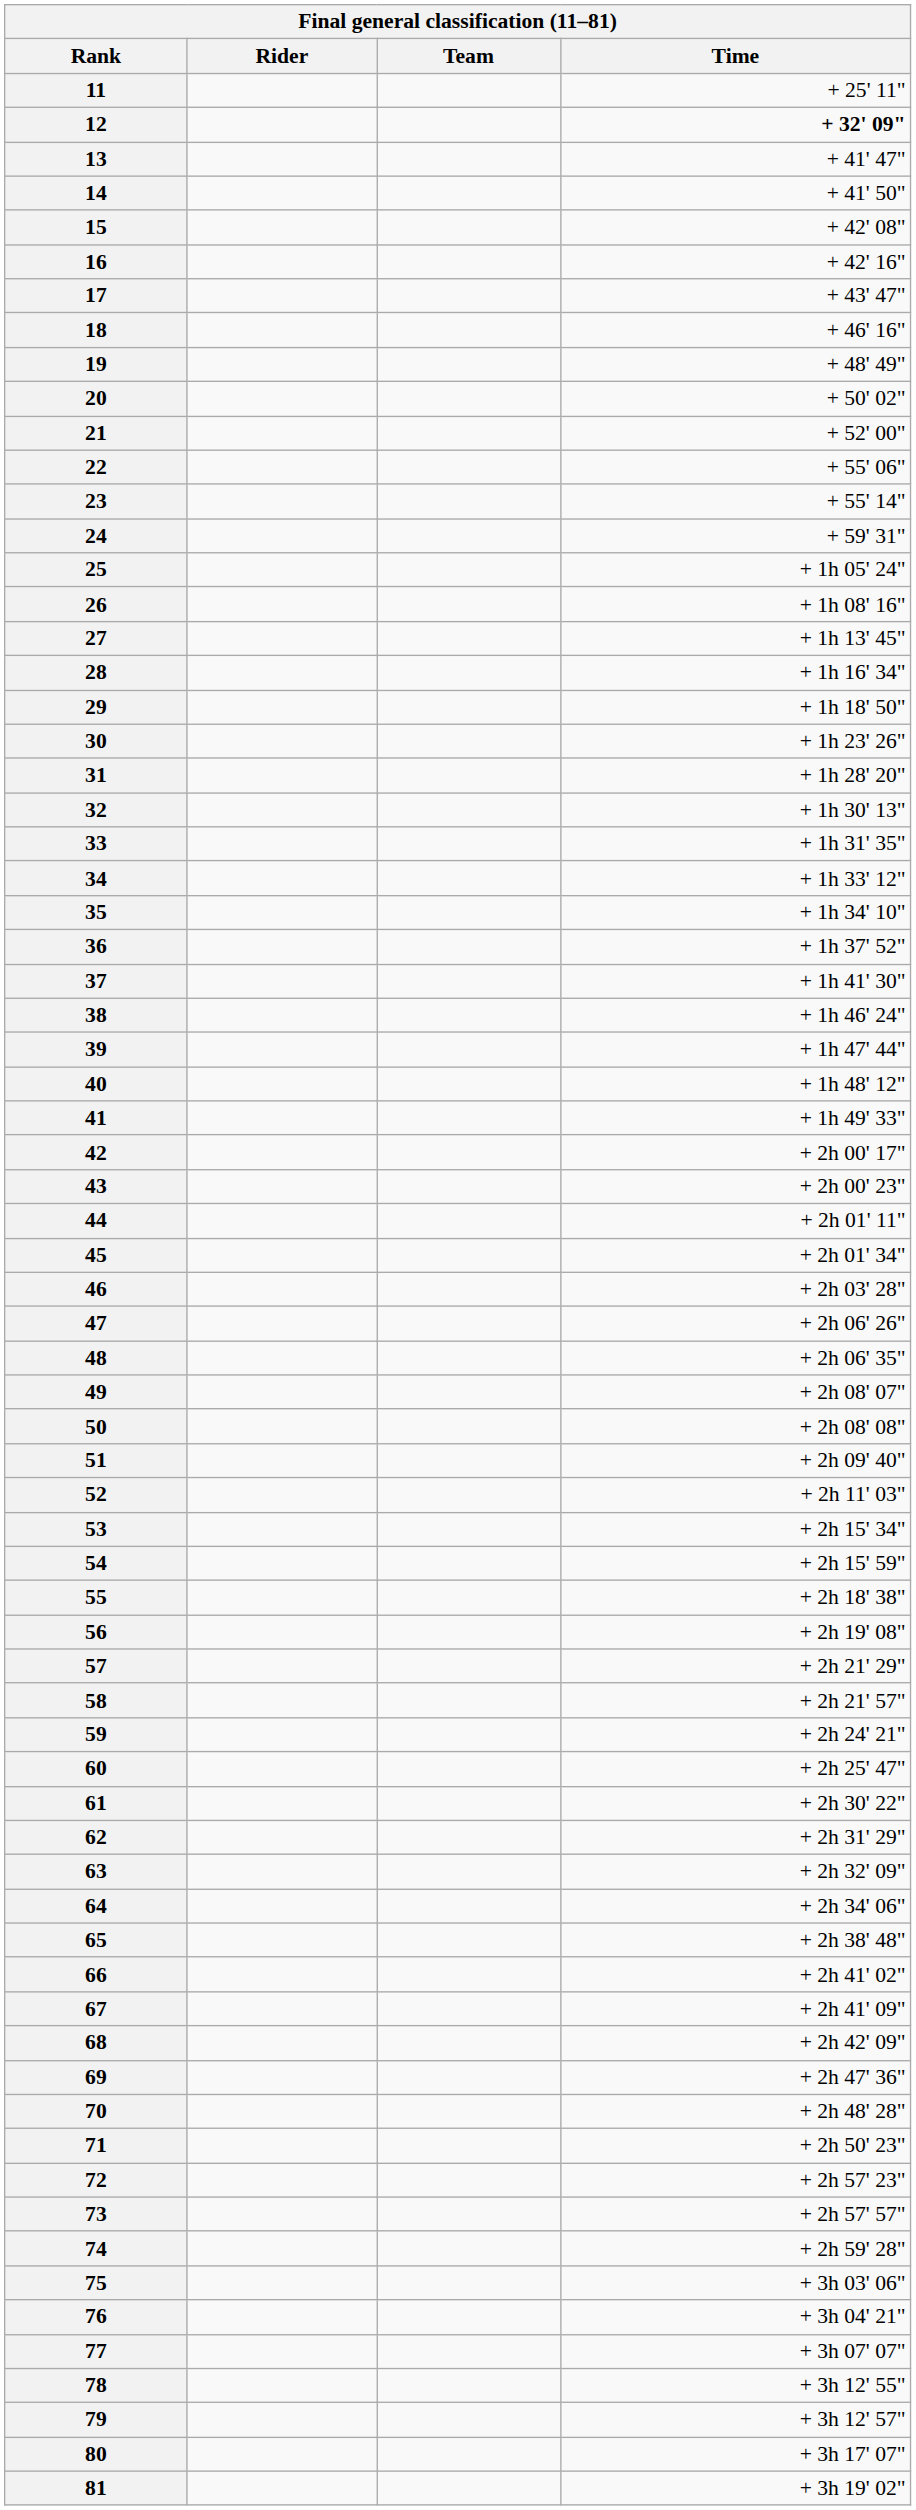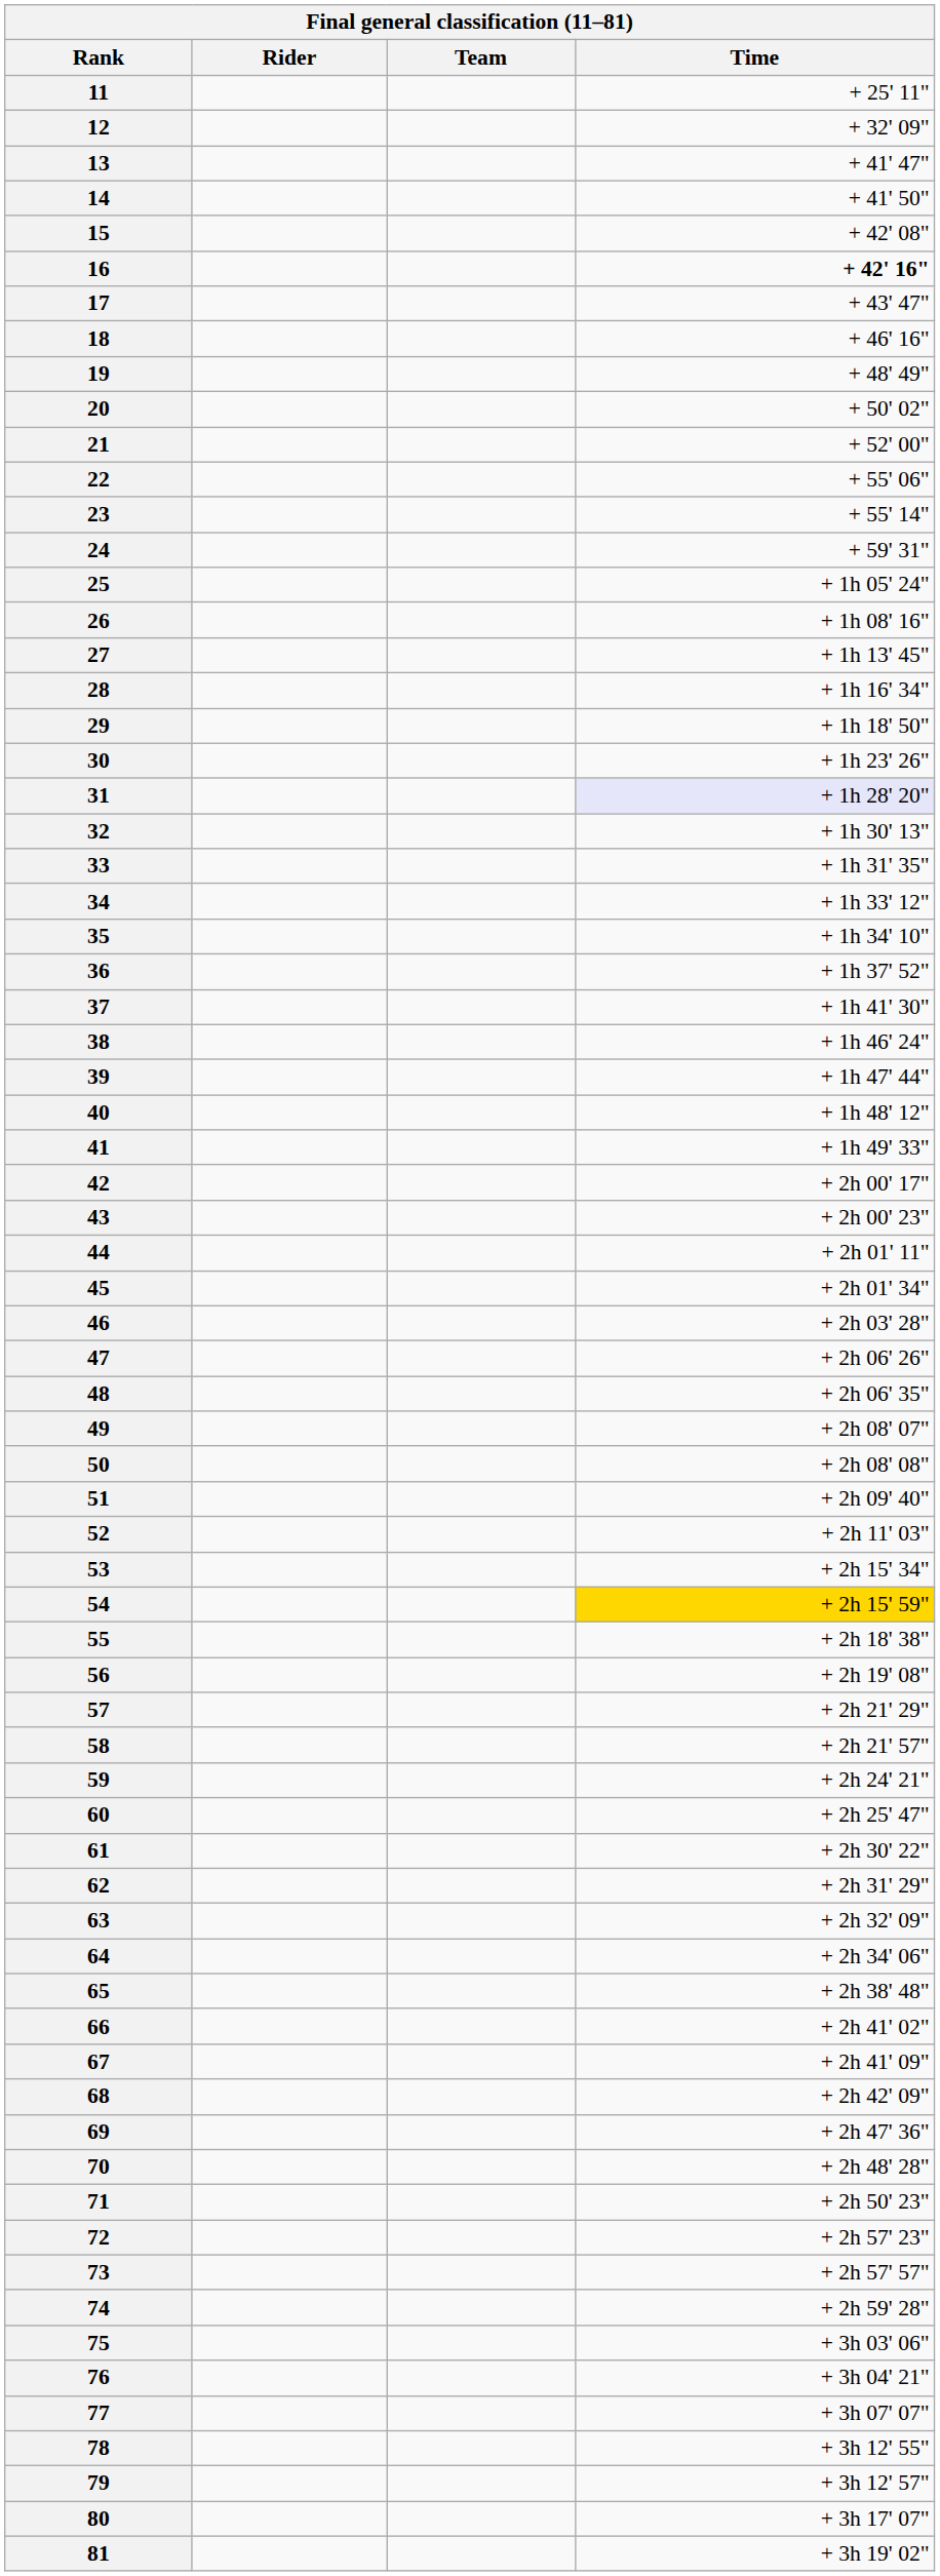 <table class="collapsible collapsed wikitable" style="width:42em;margin-top:-1px;">
 <tr>
 <th scope="col" colspan="4">Final general classification (11–81)</th>
 </tr>
 <tr>
 <th scope="col">Rank</th>
 <th scope="col">Rider</th>
 <th scope="col">Team</th>
 <th scope="col">Time</th>
 </tr>
 <tr>
 <th scope="row">11</th>
 <td></td>
 <td></td>
 <td style="text-align:right;">+ 25' 11"</td>
 </tr>
 <tr>
 <th scope="row">12</th>
 <td></td>
 <td></td>
-<td style="text-align:right;"><strong>+ 32' 09"</strong></td>
+<td style="text-align:right;">+ 32' 09"</td>
 </tr>
 <tr>
 <th scope="row">13</th>
 <td></td>
 <td></td>
 <td style="text-align:right;">+ 41' 47"</td>
 </tr>
 <tr>
 <th scope="row">14</th>
 <td></td>
 <td></td>
 <td style="text-align:right;">+ 41' 50"</td>
 </tr>
 <tr>
 <th scope="row">15</th>
 <td></td>
 <td></td>
 <td style="text-align:right;">+ 42' 08"</td>
 </tr>
 <tr>
 <th scope="row">16</th>
 <td></td>
 <td></td>
-<td style="text-align:right;">+ 42' 16"</td>
+<td style="text-align:right;"><strong>+ 42' 16"</strong></td>
 </tr>
 <tr>
 <th scope="row">17</th>
 <td></td>
 <td></td>
 <td style="text-align:right;">+ 43' 47"</td>
 </tr>
 <tr>
 <th scope="row">18</th>
 <td></td>
 <td></td>
 <td style="text-align:right;">+ 46' 16"</td>
 </tr>
 <tr>
 <th scope="row">19</th>
 <td></td>
 <td></td>
 <td style="text-align:right;">+ 48' 49"</td>
 </tr>
 <tr>
 <th scope="row">20</th>
 <td></td>
 <td></td>
 <td style="text-align:right;">+ 50' 02"</td>
 </tr>
 <tr>
 <th scope="row">21</th>
 <td></td>
 <td></td>
 <td style="text-align:right;">+ 52' 00"</td>
 </tr>
 <tr>
 <th scope="row">22</th>
 <td></td>
 <td></td>
 <td style="text-align:right;">+ 55' 06"</td>
 </tr>
 <tr>
 <th scope="row">23</th>
 <td></td>
 <td></td>
 <td style="text-align:right;">+ 55' 14"</td>
 </tr>
 <tr>
 <th scope="row">24</th>
 <td></td>
 <td></td>
 <td style="text-align:right;">+ 59' 31"</td>
 </tr>
 <tr>
 <th scope="row">25</th>
 <td></td>
 <td></td>
 <td style="text-align:right;">+ 1h 05' 24"</td>
 </tr>
 <tr>
 <th scope="row">26</th>
 <td></td>
 <td></td>
 <td style="text-align:right;">+ 1h 08' 16"</td>
 </tr>
 <tr>
 <th scope="row">27</th>
 <td></td>
 <td></td>
 <td style="text-align:right;">+ 1h 13' 45"</td>
 </tr>
 <tr>
 <th scope="row">28</th>
 <td></td>
 <td></td>
 <td style="text-align:right;">+ 1h 16' 34"</td>
 </tr>
 <tr>
 <th scope="row">29</th>
 <td></td>
 <td></td>
 <td style="text-align:right;">+ 1h 18' 50"</td>
 </tr>
 <tr>
 <th scope="row">30</th>
 <td></td>
 <td></td>
 <td style="text-align:right;">+ 1h 23' 26"</td>
 </tr>
 <tr>
 <th scope="row">31</th>
 <td></td>
 <td></td>
-<td style="text-align:right;">+ 1h 28' 20"</td>
+<td style="background: lavender; text-align:right;">+ 1h 28' 20"</td>
 </tr>
 <tr>
 <th scope="row">32</th>
 <td></td>
 <td></td>
 <td style="text-align:right;">+ 1h 30' 13"</td>
 </tr>
 <tr>
 <th scope="row">33</th>
 <td></td>
 <td></td>
 <td style="text-align:right;">+ 1h 31' 35"</td>
 </tr>
 <tr>
 <th scope="row">34</th>
 <td></td>
 <td></td>
 <td style="text-align:right;">+ 1h 33' 12"</td>
 </tr>
 <tr>
 <th scope="row">35</th>
 <td></td>
 <td></td>
 <td style="text-align:right;">+ 1h 34' 10"</td>
 </tr>
 <tr>
 <th scope="row">36</th>
 <td></td>
 <td></td>
 <td style="text-align:right;">+ 1h 37' 52"</td>
 </tr>
 <tr>
 <th scope="row">37</th>
 <td></td>
 <td></td>
 <td style="text-align:right;">+ 1h 41' 30"</td>
 </tr>
 <tr>
 <th scope="row">38</th>
 <td></td>
 <td></td>
 <td style="text-align:right;">+ 1h 46' 24"</td>
 </tr>
 <tr>
 <th scope="row">39</th>
 <td></td>
 <td></td>
 <td style="text-align:right;">+ 1h 47' 44"</td>
 </tr>
 <tr>
 <th scope="row">40</th>
 <td></td>
 <td></td>
 <td style="text-align:right;">+ 1h 48' 12"</td>
 </tr>
 <tr>
 <th scope="row">41</th>
 <td></td>
 <td></td>
 <td style="text-align:right;">+ 1h 49' 33"</td>
 </tr>
 <tr>
 <th scope="row">42</th>
 <td></td>
 <td></td>
 <td style="text-align:right;">+ 2h 00' 17"</td>
 </tr>
 <tr>
 <th scope="row">43</th>
 <td></td>
 <td></td>
 <td style="text-align:right;">+ 2h 00' 23"</td>
 </tr>
 <tr>
 <th scope="row">44</th>
 <td></td>
 <td></td>
 <td style="text-align:right;">+ 2h 01' 11"</td>
 </tr>
 <tr>
 <th scope="row">45</th>
 <td></td>
 <td></td>
 <td style="text-align:right;">+ 2h 01' 34"</td>
 </tr>
 <tr>
 <th scope="row">46</th>
 <td></td>
 <td></td>
 <td style="text-align:right;">+ 2h 03' 28"</td>
 </tr>
 <tr>
 <th scope="row">47</th>
 <td></td>
 <td></td>
 <td style="text-align:right;">+ 2h 06' 26"</td>
 </tr>
 <tr>
 <th scope="row">48</th>
 <td></td>
 <td></td>
 <td style="text-align:right;">+ 2h 06' 35"</td>
 </tr>
 <tr>
 <th scope="row">49</th>
 <td></td>
 <td></td>
 <td style="text-align:right;">+ 2h 08' 07"</td>
 </tr>
 <tr>
 <th scope="row">50</th>
 <td></td>
 <td></td>
 <td style="text-align:right;">+ 2h 08' 08"</td>
 </tr>
 <tr>
 <th scope="row">51</th>
 <td></td>
 <td></td>
 <td style="text-align:right;">+ 2h 09' 40"</td>
 </tr>
 <tr>
 <th scope="row">52</th>
 <td></td>
 <td></td>
 <td style="text-align:right;">+ 2h 11' 03"</td>
 </tr>
 <tr>
 <th scope="row">53</th>
 <td></td>
 <td></td>
 <td style="text-align:right;">+ 2h 15' 34"</td>
 </tr>
 <tr>
 <th scope="row">54</th>
 <td></td>
 <td></td>
-<td style="text-align:right;">+ 2h 15' 59"</td>
+<td style="background: gold; text-align:right;">+ 2h 15' 59"</td>
 </tr>
 <tr>
 <th scope="row">55</th>
 <td></td>
 <td></td>
 <td style="text-align:right;">+ 2h 18' 38"</td>
 </tr>
 <tr>
 <th scope="row">56</th>
 <td></td>
 <td></td>
 <td style="text-align:right;">+ 2h 19' 08"</td>
 </tr>
 <tr>
 <th scope="row">57</th>
 <td></td>
 <td></td>
 <td style="text-align:right;">+ 2h 21' 29"</td>
 </tr>
 <tr>
 <th scope="row">58</th>
 <td></td>
 <td></td>
 <td style="text-align:right;">+ 2h 21' 57"</td>
 </tr>
 <tr>
 <th scope="row">59</th>
 <td></td>
 <td></td>
 <td style="text-align:right;">+ 2h 24' 21"</td>
 </tr>
 <tr>
 <th scope="row">60</th>
 <td></td>
 <td></td>
 <td style="text-align:right;">+ 2h 25' 47"</td>
 </tr>
 <tr>
 <th scope="row">61</th>
 <td></td>
 <td></td>
 <td style="text-align:right;">+ 2h 30' 22"</td>
 </tr>
 <tr>
 <th scope="row">62</th>
 <td></td>
 <td></td>
 <td style="text-align:right;">+ 2h 31' 29"</td>
 </tr>
 <tr>
 <th scope="row">63</th>
 <td></td>
 <td></td>
 <td style="text-align:right;">+ 2h 32' 09"</td>
 </tr>
 <tr>
 <th scope="row">64</th>
 <td></td>
 <td></td>
 <td style="text-align:right;">+ 2h 34' 06"</td>
 </tr>
 <tr>
 <th scope="row">65</th>
 <td></td>
 <td></td>
 <td style="text-align:right;">+ 2h 38' 48"</td>
 </tr>
 <tr>
 <th scope="row">66</th>
 <td></td>
 <td></td>
 <td style="text-align:right;">+ 2h 41' 02"</td>
 </tr>
 <tr>
 <th scope="row">67</th>
 <td></td>
 <td></td>
 <td style="text-align:right;">+ 2h 41' 09"</td>
 </tr>
 <tr>
 <th scope="row">68</th>
 <td></td>
 <td></td>
 <td style="text-align:right;">+ 2h 42' 09"</td>
 </tr>
 <tr>
 <th scope="row">69</th>
 <td></td>
 <td></td>
 <td style="text-align:right;">+ 2h 47' 36"</td>
 </tr>
 <tr>
 <th scope="row">70</th>
 <td></td>
 <td></td>
 <td style="text-align:right;">+ 2h 48' 28"</td>
 </tr>
 <tr>
 <th scope="row">71</th>
 <td></td>
 <td></td>
 <td style="text-align:right;">+ 2h 50' 23"</td>
 </tr>
 <tr>
 <th scope="row">72</th>
 <td></td>
 <td></td>
 <td style="text-align:right;">+ 2h 57' 23"</td>
 </tr>
 <tr>
 <th scope="row">73</th>
 <td></td>
 <td></td>
 <td style="text-align:right;">+ 2h 57' 57"</td>
 </tr>
 <tr>
 <th scope="row">74</th>
 <td></td>
 <td></td>
 <td style="text-align:right;">+ 2h 59' 28"</td>
 </tr>
 <tr>
 <th scope="row">75</th>
 <td></td>
 <td></td>
 <td style="text-align:right;">+ 3h 03' 06"</td>
 </tr>
 <tr>
 <th scope="row">76</th>
 <td></td>
 <td></td>
 <td style="text-align:right;">+ 3h 04' 21"</td>
 </tr>
 <tr>
 <th scope="row">77</th>
 <td></td>
 <td></td>
 <td style="text-align:right;">+ 3h 07' 07"</td>
 </tr>
 <tr>
 <th scope="row">78</th>
 <td></td>
 <td></td>
 <td style="text-align:right;">+ 3h 12' 55"</td>
 </tr>
 <tr>
 <th scope="row">79</th>
 <td></td>
 <td></td>
 <td style="text-align:right;">+ 3h 12' 57"</td>
 </tr>
 <tr>
 <th scope="row">80</th>
 <td></td>
 <td></td>
 <td style="text-align:right;">+ 3h 17' 07"</td>
 </tr>
 <tr>
 <th scope="row">81</th>
 <td></td>
 <td></td>
 <td style="text-align:right;">+ 3h 19' 02"</td>
 </tr>
 </table>
